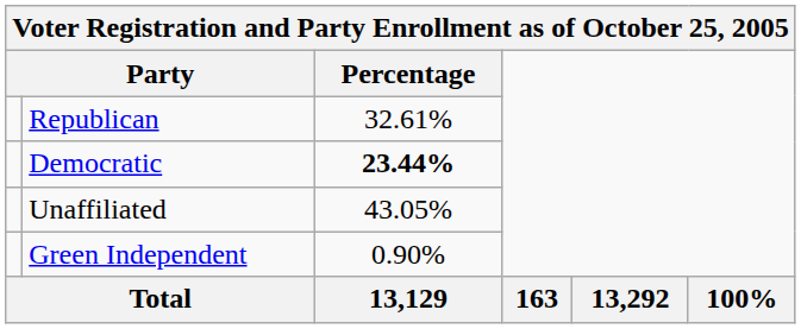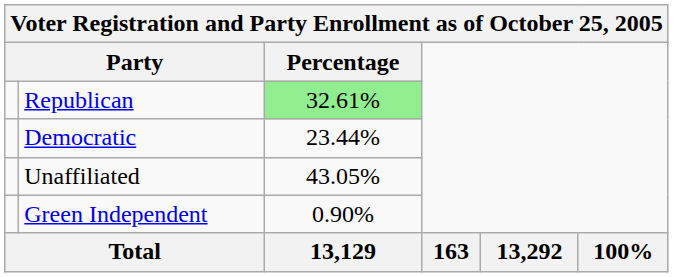 <table class=wikitable>
 <tr>
 <th colspan = 6>Voter Registration and Party Enrollment as of October 25, 2005</th>
 </tr>
 <tr>
 <th colspan = 2>Party</th>
 <th>Percentage</th>
 </tr>
 <tr>
 <td></td>
 <td><a href='#'>Republican</a></td>
-<td style="text-align:center">32.61%</td>
+<td style="background: lightgreen; text-align:center">32.61%</td>
 </tr>
 <tr>
 <td></td>
 <td><a href='#'>Democratic</a></td>
-<td style="text-align:center"><strong>23.44%</strong></td>
+<td style="text-align:center">23.44%</td>
 </tr>
 <tr>
 <td></td>
 <td>Unaffiliated</td>
 <td style="text-align:center">43.05%</td>
 </tr>
 <tr>
 <td></td>
 <td><a href='#'>Green Independent</a></td>
 <td style="text-align:center">0.90%</td>
 </tr>
 <tr>
 <th colspan = 2>Total</th>
 <th style="text-align:center">13,129</th>
 <th style="text-align:center">163</th>
 <th style="text-align:center">13,292</th>
 <th style="text-align:center">100%</th>
 </tr>
 </table>
